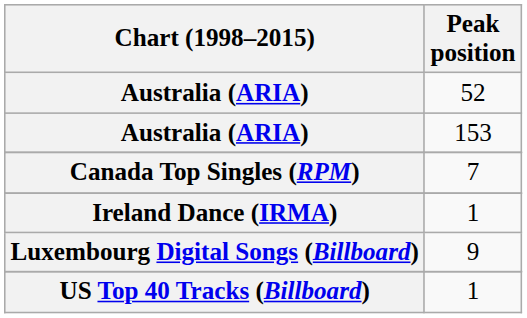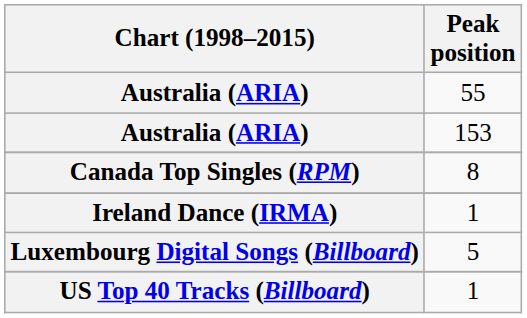 <table class="wikitable sortable plainrowheaders" style="text-align:center">
 <tr>
 <th>Chart (1998–2015)</th>
 <th>Peak<br>position</th>
 </tr>
 <tr>
 <th scope="row">Australia (<a href='#'>ARIA</a>)<br></th>
-<td>52</td>
+<td>55</td>
 </tr>
 <tr>
 <th scope="row">Australia (<a href='#'>ARIA</a>)</th>
 <td>153</td>
 </tr>
 <tr>
 </tr>
 <tr>
 <th scope="row">Canada Top Singles (<em><a href='#'>RPM</a></em>)</th>
-<td>7</td>
+<td>8</td>
 </tr>
 <tr>
 </tr>
 <tr>
 </tr>
 <tr>
 </tr>
 <tr>
 </tr>
 <tr>
 <th scope="row">Ireland Dance (<a href='#'>IRMA</a>)</th>
 <td>1</td>
 </tr>
 <tr>
 <th scope="row">Luxembourg <a href='#'>Digital Songs</a> (<em><a href='#'>Billboard</a></em>)</th>
-<td>9</td>
+<td>5</td>
 </tr>
 <tr>
 </tr>
 <tr>
 </tr>
 <tr>
 </tr>
 <tr>
 </tr>
 <tr>
 </tr>
 <tr>
 </tr>
 <tr>
 </tr>
 <tr>
 </tr>
 <tr>
 </tr>
 <tr>
 </tr>
 <tr>
 </tr>
 <tr>
 </tr>
 <tr>
 </tr>
 <tr>
 <th scope="row">US <a href='#'>Top 40 Tracks</a> (<em><a href='#'>Billboard</a></em>)</th>
 <td>1</td>
 </tr>
 </table>
